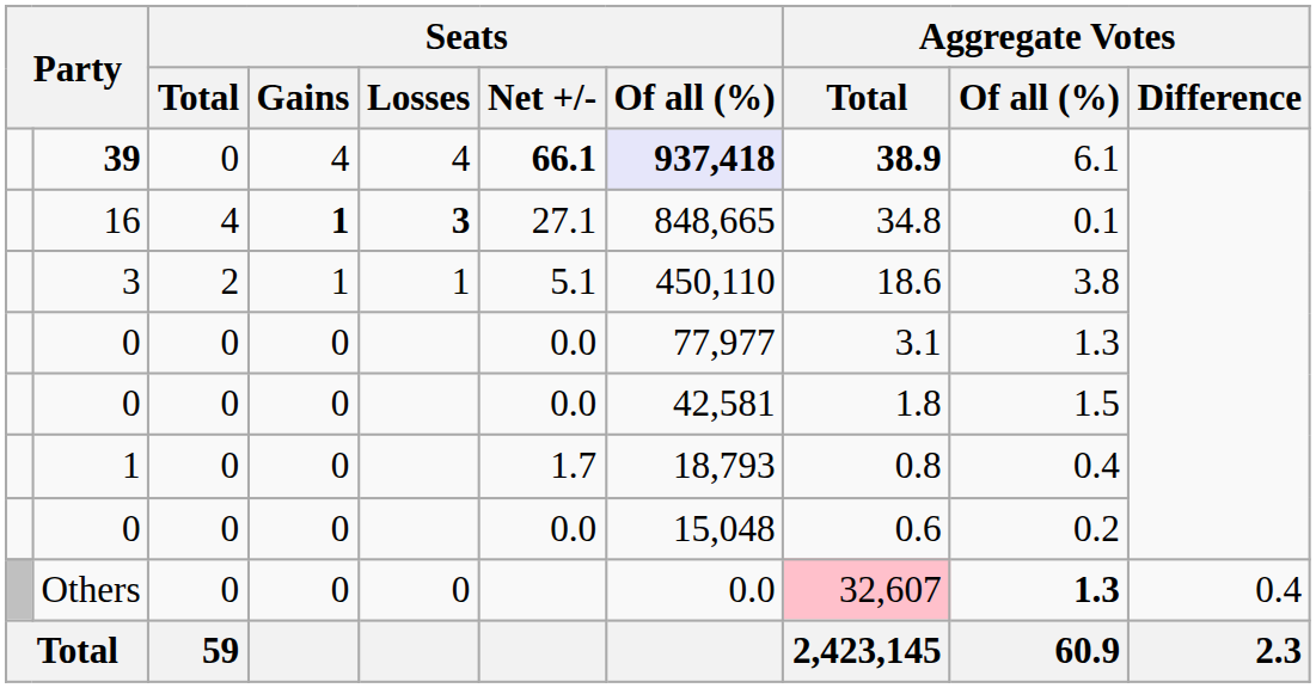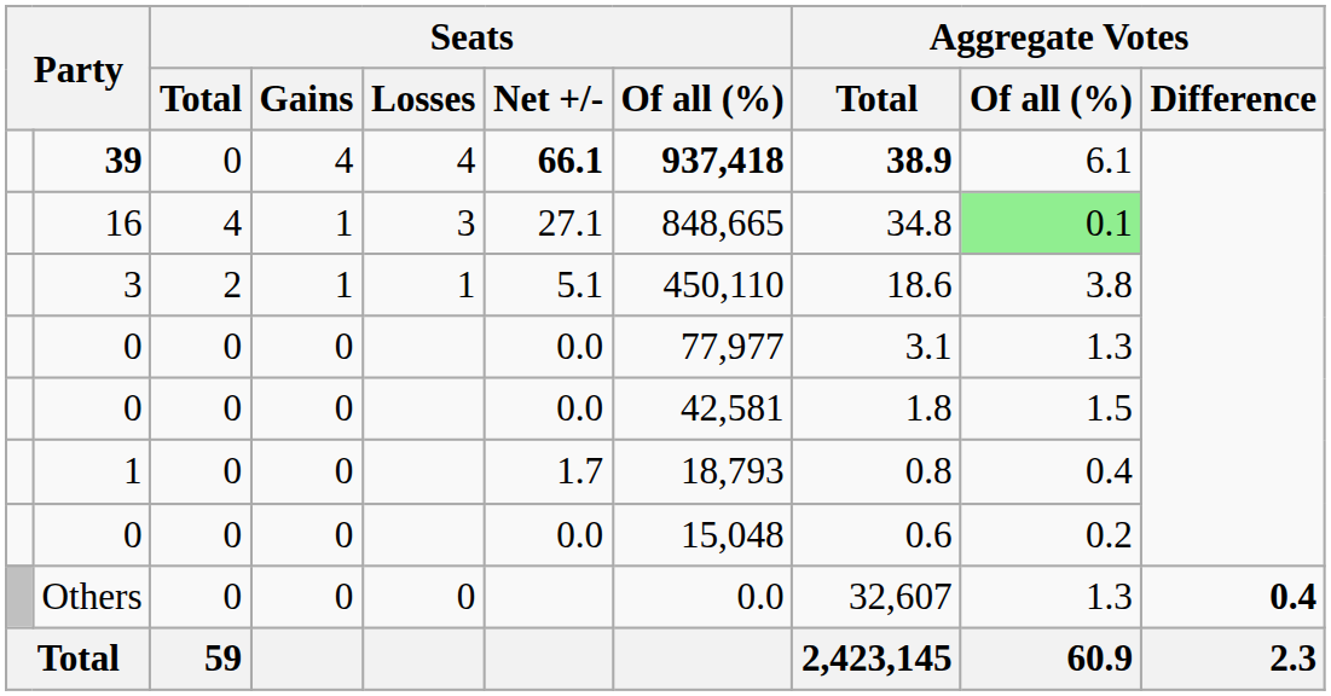 <table class="wikitable sortable" style="text-align:right; font-size:95%;">
 <tr>
 <th colspan="2" rowspan="2">Party</th>
 <th colspan="5">Seats</th>
 <th colspan="3">Aggregate Votes</th>
 </tr>
 <tr>
 <th>Total</th>
 <th>Gains</th>
 <th>Losses</th>
 <th>Net +/-</th>
 <th>Of all (%)</th>
 <th>Total</th>
 <th>Of all (%)</th>
 <th>Difference</th>
 </tr>
 <tr>
 <td></td>
 <td><strong>39</strong></td>
 <td>0</td>
 <td>4</td>
 <td>4</td>
 <td><strong>66.1</strong></td>
-<td style="background: lavender;"><strong>937,418</strong></td>
+<td><strong>937,418</strong></td>
 <td><strong>38.9</strong></td>
 <td>6.1</td>
 </tr>
 <tr>
 <td></td>
 <td>16</td>
 <td>4</td>
-<td><strong>1</strong></td>
-<td><strong>3</strong></td>
+<td>1</td>
+<td>3</td>
 <td>27.1</td>
 <td>848,665</td>
 <td>34.8</td>
-<td>0.1</td>
+<td style="background: lightgreen;">0.1</td>
 </tr>
 <tr>
 <td></td>
 <td>3</td>
 <td>2</td>
 <td>1</td>
 <td>1</td>
 <td>5.1</td>
 <td>450,110</td>
 <td>18.6</td>
 <td>3.8</td>
 </tr>
 <tr>
 <td></td>
 <td>0</td>
 <td>0</td>
 <td>0</td>
 <td></td>
 <td>0.0</td>
 <td>77,977</td>
 <td>3.1</td>
 <td>1.3</td>
 </tr>
 <tr>
 <td></td>
 <td>0</td>
 <td>0</td>
 <td>0</td>
 <td></td>
 <td>0.0</td>
 <td>42,581</td>
 <td>1.8</td>
 <td>1.5</td>
 </tr>
 <tr>
 <td></td>
 <td>1</td>
 <td>0</td>
 <td>0</td>
 <td></td>
 <td>1.7</td>
 <td>18,793</td>
 <td>0.8</td>
 <td>0.4</td>
 </tr>
 <tr>
 <td></td>
 <td>0</td>
 <td>0</td>
 <td>0</td>
 <td></td>
 <td>0.0</td>
 <td>15,048</td>
 <td>0.6</td>
 <td>0.2</td>
 </tr>
 <tr>
 <td style="background:silver;"> </td>
 <td align=left>Others</td>
 <td>0</td>
 <td>0</td>
 <td>0</td>
 <td></td>
 <td>0.0</td>
-<td style="background: pink;">32,607</td>
-<td><strong>1.3</strong></td>
-<td>0.4</td>
+<td>32,607</td>
+<td>1.3</td>
+<td><strong>0.4</strong></td>
 </tr>
 <tr class="sortbottom">
 <th colspan="2" style="background:#f2f2f2"><strong>Total</strong></th>
 <td style="background:#f2f2f2;"><strong>59</strong></td>
 <td style="background:#f2f2f2;"></td>
 <td style="background:#f2f2f2;"></td>
 <td style="background:#f2f2f2;"></td>
 <td style="background:#f2f2f2;"></td>
 <td style="background:#f2f2f2;"><strong>2,423,145</strong></td>
 <td style="background:#f2f2f2;"><strong>60.9</strong></td>
 <td style="background:#f2f2f2;"><strong>2.3</strong></td>
 </tr>
 </table>
